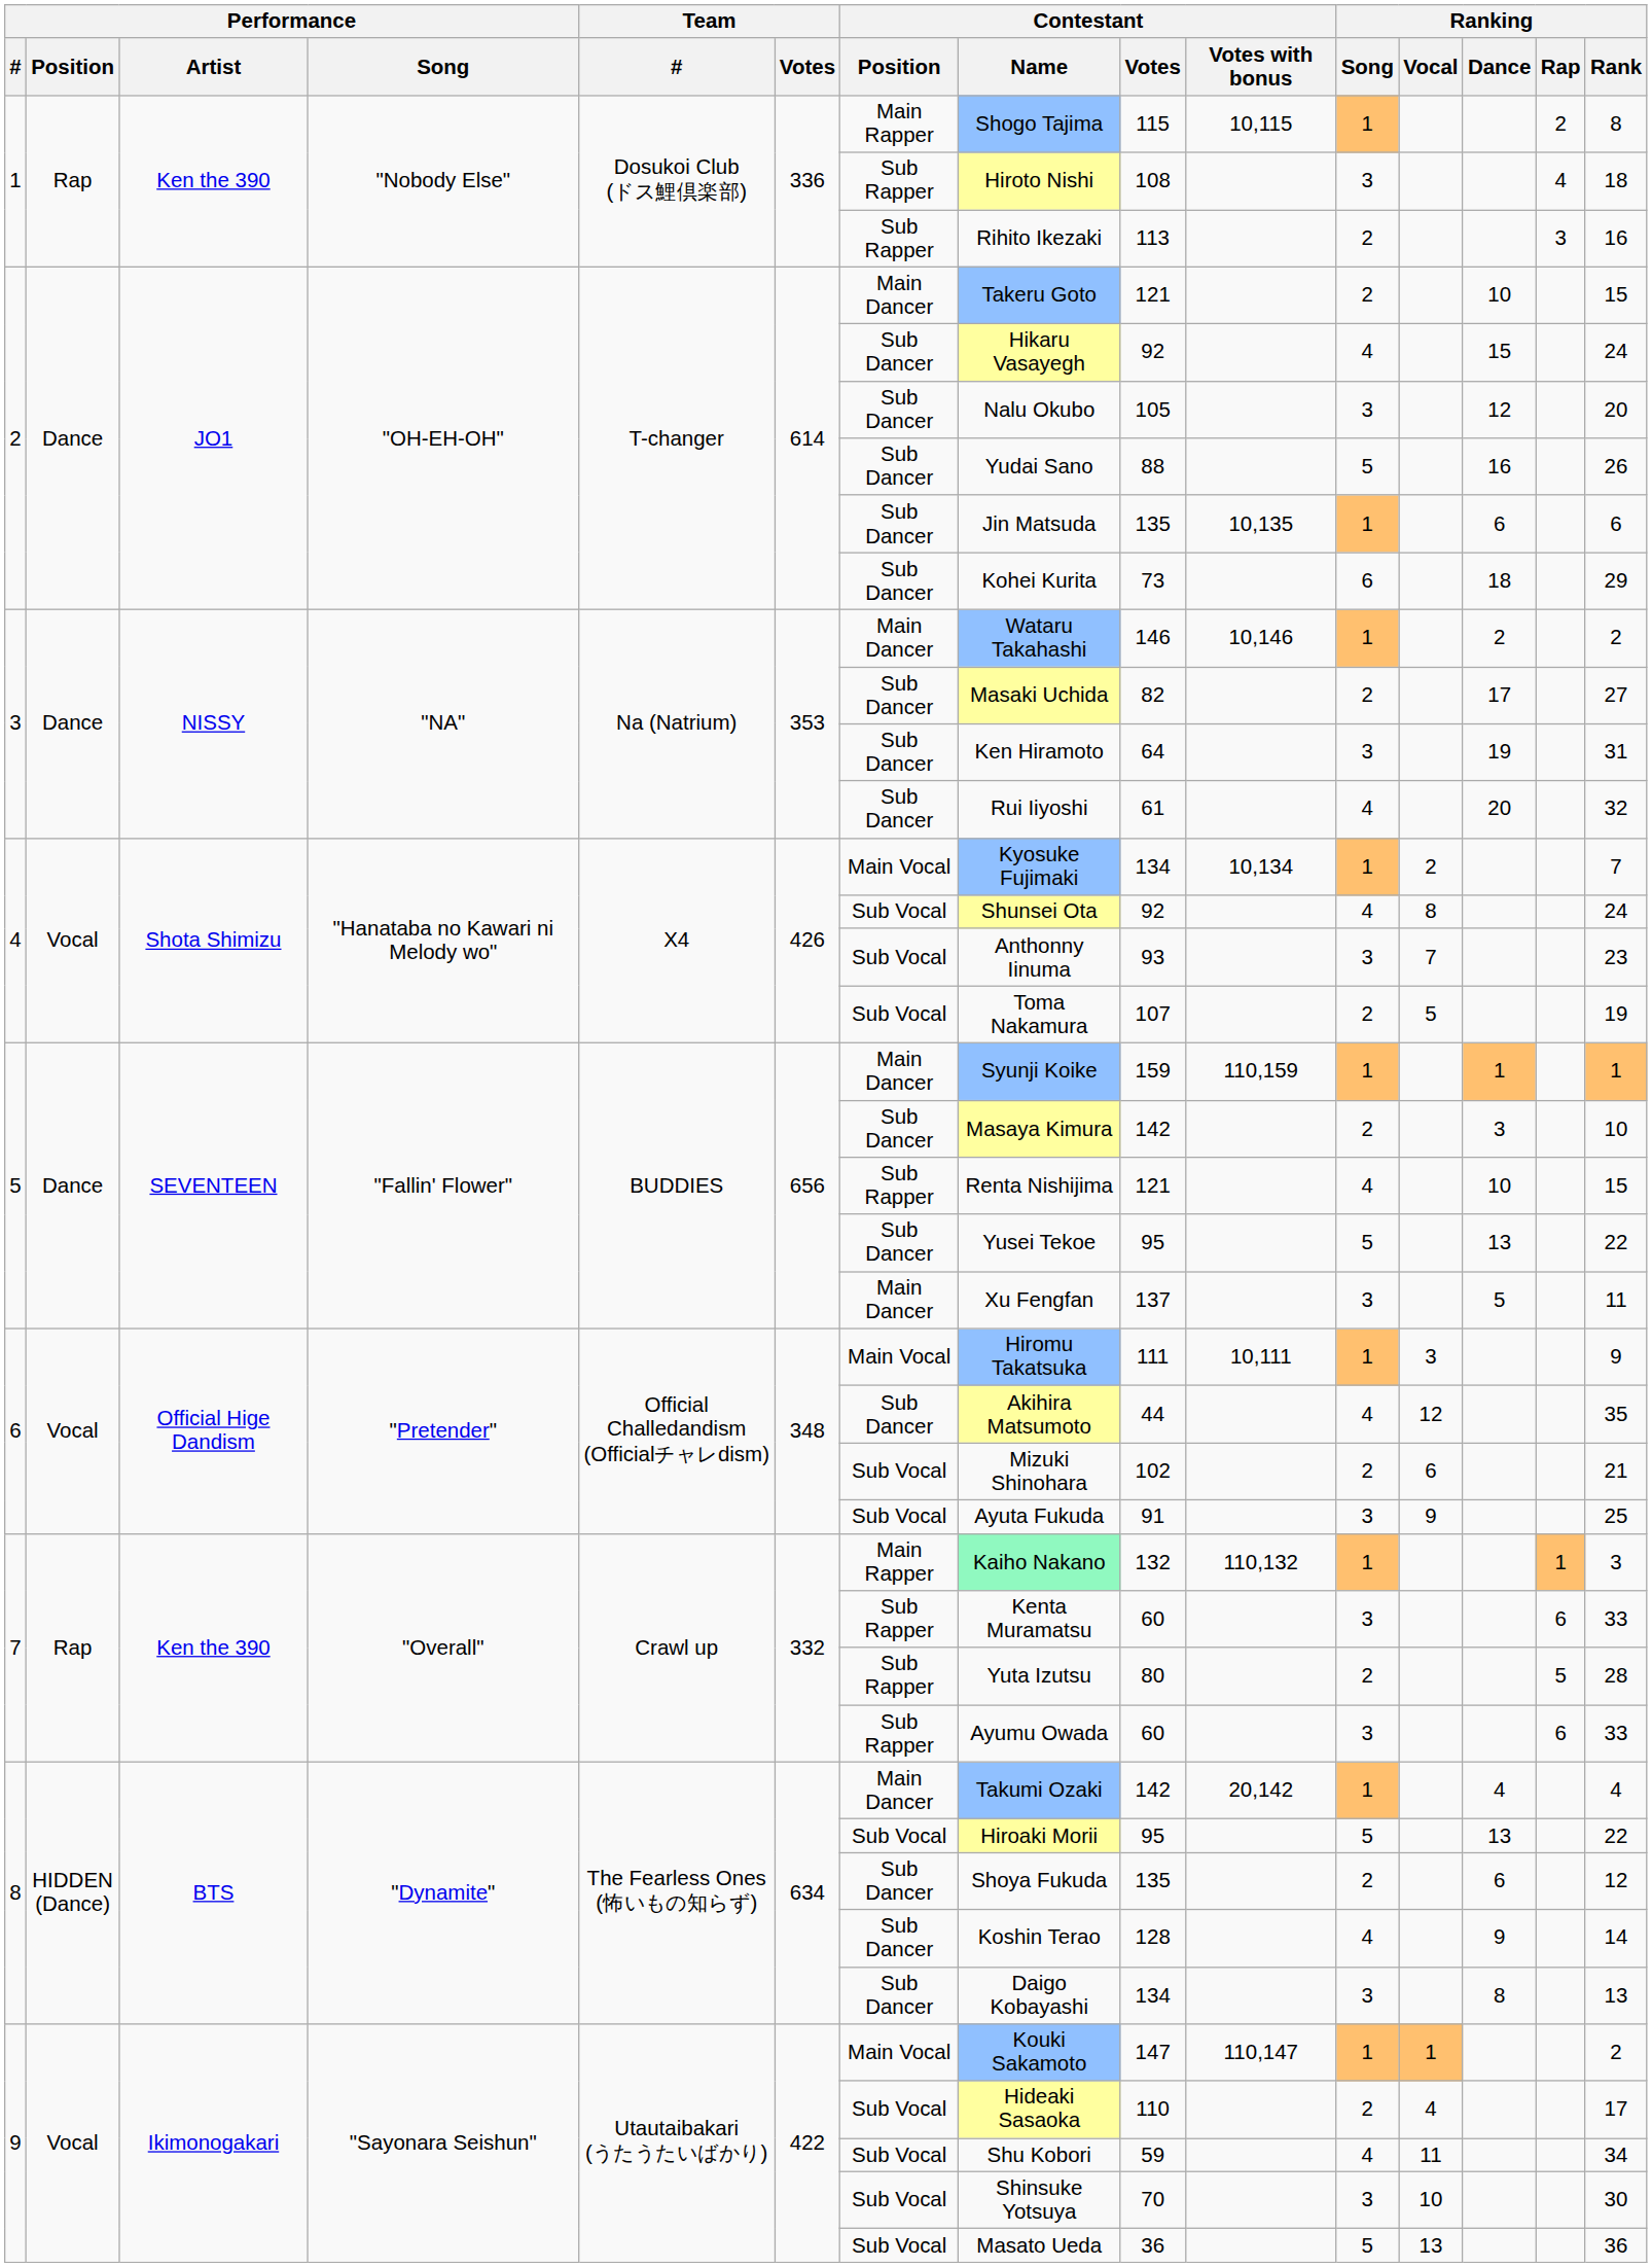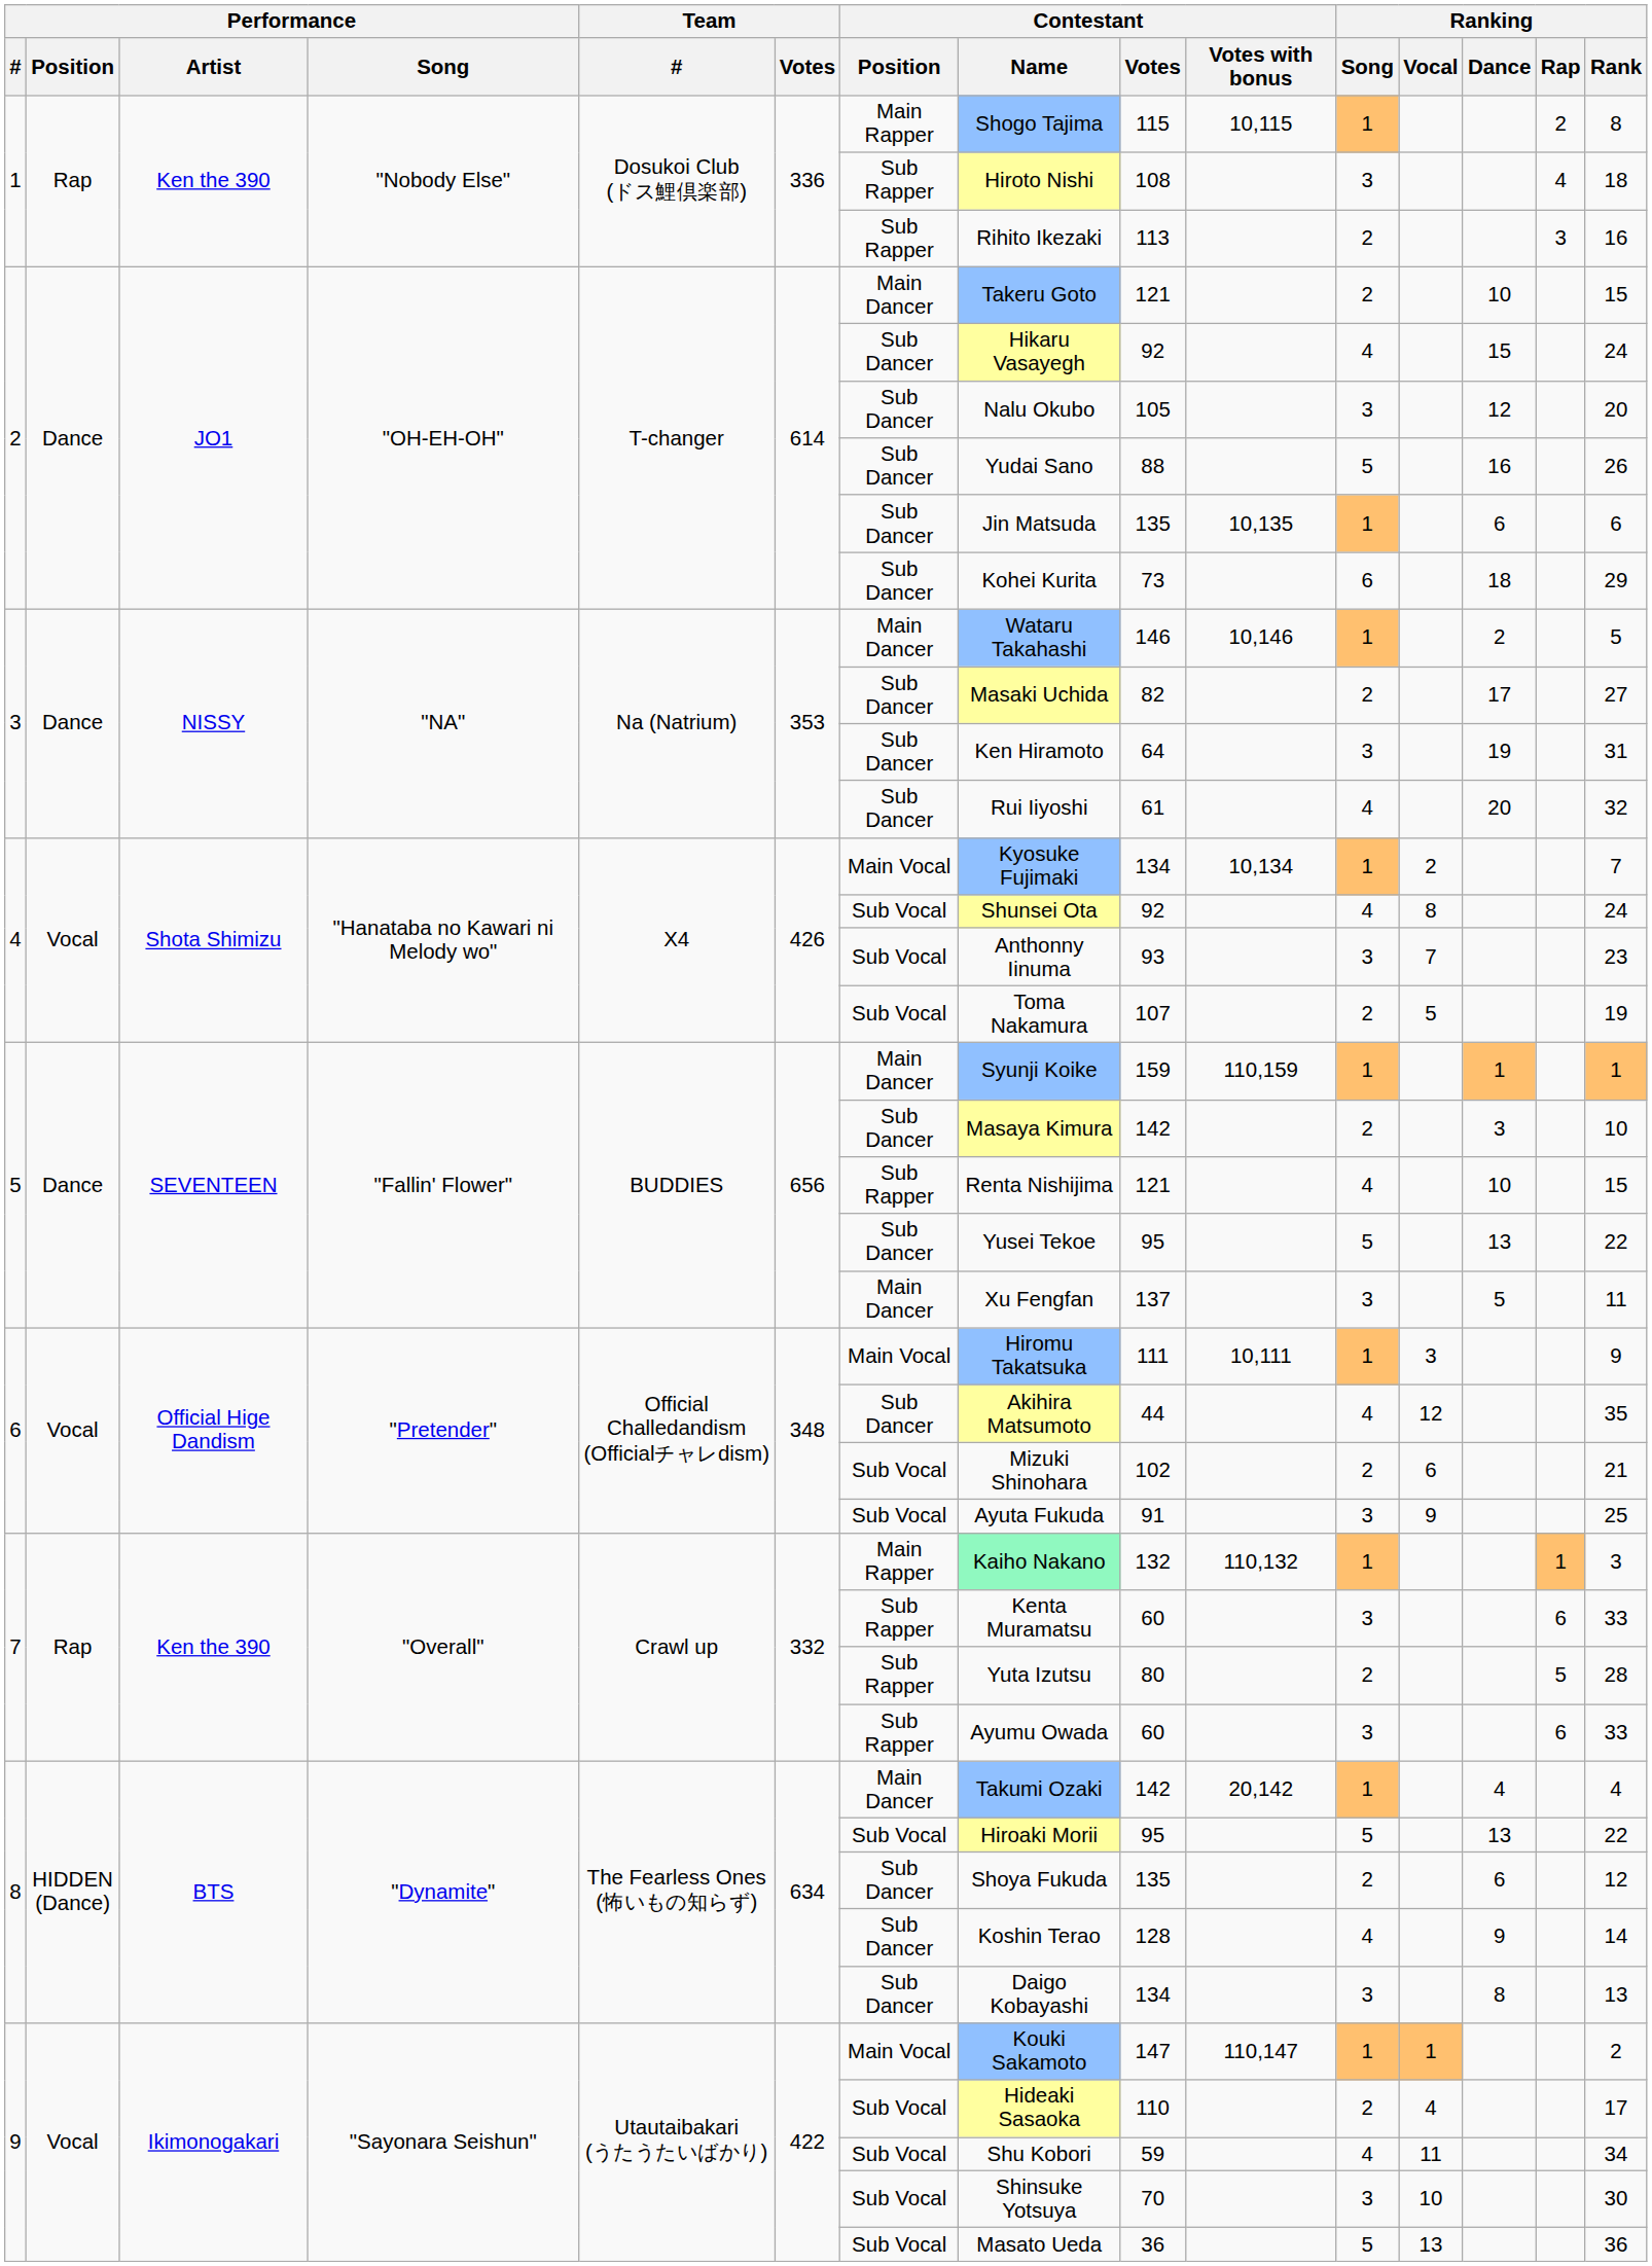 <table class="wikitable sortable" style="text-align:center">
 <tr>
 <th colspan="4">Performance</th>
 <th colspan="2">Team</th>
 <th colspan="4">Contestant</th>
 <th colspan="5">Ranking</th>
 </tr>
 <tr>
 <th>#</th>
 <th>Position</th>
 <th>Artist</th>
 <th>Song</th>
 <th>#</th>
 <th>Votes</th>
 <th>Position</th>
 <th>Name</th>
 <th>Votes</th>
 <th>Votes with bonus</th>
 <th>Song</th>
 <th>Vocal</th>
 <th>Dance</th>
 <th>Rap</th>
 <th>Rank</th>
 </tr>
 <tr>
 <td rowspan="3">1</td>
 <td rowspan="3">Rap</td>
 <td rowspan="3"><a href='#'>Ken the 390</a></td>
 <td rowspan="3">"Nobody Else"</td>
 <td rowspan="3">Dosukoi Club<br>(ドス鯉倶楽部)</td>
 <td rowspan="3">336</td>
 <td>Main Rapper</td>
 <td style="background:#90C0FF">Shogo Tajima</td>
 <td>115</td>
 <td>10,115</td>
 <td style="background:#FFC06F">1</td>
 <td></td>
 <td></td>
 <td>2</td>
 <td>8</td>
 </tr>
 <tr>
 <td>Sub Rapper</td>
 <td style="background:#FFFF9F">Hiroto Nishi</td>
 <td>108</td>
 <td></td>
 <td>3</td>
 <td></td>
 <td></td>
 <td>4</td>
 <td>18</td>
 </tr>
 <tr>
 <td>Sub Rapper</td>
 <td>Rihito Ikezaki</td>
 <td>113</td>
 <td></td>
 <td>2</td>
 <td></td>
 <td></td>
 <td>3</td>
 <td>16</td>
 </tr>
 <tr>
 <td rowspan="6">2</td>
 <td rowspan="6">Dance</td>
 <td rowspan="6"><a href='#'>JO1</a></td>
 <td rowspan="6">"OH-EH-OH"</td>
 <td rowspan="6">T-changer</td>
 <td rowspan="6">614</td>
 <td>Main Dancer</td>
 <td style="background:#90C0FF">Takeru Goto</td>
 <td>121</td>
 <td></td>
 <td>2</td>
 <td></td>
 <td>10</td>
 <td></td>
 <td>15</td>
 </tr>
 <tr>
 <td>Sub Dancer</td>
 <td style="background:#FFFF9F">Hikaru Vasayegh</td>
 <td>92</td>
 <td></td>
 <td>4</td>
 <td></td>
 <td>15</td>
 <td></td>
 <td>24</td>
 </tr>
 <tr>
 <td>Sub Dancer</td>
 <td>Nalu Okubo</td>
 <td>105</td>
 <td></td>
 <td>3</td>
 <td></td>
 <td>12</td>
 <td></td>
 <td>20</td>
 </tr>
 <tr>
 <td>Sub Dancer</td>
 <td>Yudai Sano</td>
 <td>88</td>
 <td></td>
 <td>5</td>
 <td></td>
 <td>16</td>
 <td></td>
 <td>26</td>
 </tr>
 <tr>
 <td>Sub Dancer</td>
 <td>Jin Matsuda</td>
 <td>135</td>
 <td>10,135</td>
 <td style="background:#FFC06F">1</td>
 <td></td>
 <td>6</td>
 <td></td>
 <td>6</td>
 </tr>
 <tr>
 <td>Sub Dancer</td>
 <td>Kohei Kurita</td>
 <td>73</td>
 <td></td>
 <td>6</td>
 <td></td>
 <td>18</td>
 <td></td>
 <td>29</td>
 </tr>
 <tr>
 <td rowspan="4">3</td>
 <td rowspan="4">Dance</td>
 <td rowspan="4"><a href='#'>NISSY</a></td>
 <td rowspan="4">"NA"</td>
 <td rowspan="4">Na (Natrium)</td>
 <td rowspan="4">353</td>
 <td>Main Dancer</td>
 <td style="background:#90C0FF">Wataru Takahashi</td>
 <td>146</td>
 <td>10,146</td>
 <td style="background:#FFC06F">1</td>
 <td></td>
 <td>2</td>
 <td></td>
-<td>2</td>
+<td>5</td>
 </tr>
 <tr>
 <td>Sub Dancer</td>
 <td style="background:#FFFF9F">Masaki Uchida</td>
 <td>82</td>
 <td></td>
 <td>2</td>
 <td></td>
 <td>17</td>
 <td></td>
 <td>27</td>
 </tr>
 <tr>
 <td>Sub Dancer</td>
 <td>Ken Hiramoto</td>
 <td>64</td>
 <td></td>
 <td>3</td>
 <td></td>
 <td>19</td>
 <td></td>
 <td>31</td>
 </tr>
 <tr>
 <td>Sub Dancer</td>
 <td>Rui Iiyoshi</td>
 <td>61</td>
 <td></td>
 <td>4</td>
 <td></td>
 <td>20</td>
 <td></td>
 <td>32</td>
 </tr>
 <tr>
 <td rowspan="4">4</td>
 <td rowspan="4">Vocal</td>
 <td rowspan="4"><a href='#'>Shota Shimizu</a></td>
 <td rowspan="4">"Hanataba no Kawari ni Melody wo"</td>
 <td rowspan="4">X4</td>
 <td rowspan="4">426</td>
 <td>Main Vocal</td>
 <td style="background:#90C0FF">Kyosuke Fujimaki</td>
 <td>134</td>
 <td>10,134</td>
 <td style="background:#FFC06F">1</td>
 <td>2</td>
 <td></td>
 <td></td>
 <td>7</td>
 </tr>
 <tr>
 <td>Sub Vocal</td>
 <td style="background:#FFFF9F">Shunsei Ota</td>
 <td>92</td>
 <td></td>
 <td>4</td>
 <td>8</td>
 <td></td>
 <td></td>
 <td>24</td>
 </tr>
 <tr>
 <td>Sub Vocal</td>
 <td>Anthonny Iinuma</td>
 <td>93</td>
 <td></td>
 <td>3</td>
 <td>7</td>
 <td></td>
 <td></td>
 <td>23</td>
 </tr>
 <tr>
 <td>Sub Vocal</td>
 <td>Toma Nakamura</td>
 <td>107</td>
 <td></td>
 <td>2</td>
 <td>5</td>
 <td></td>
 <td></td>
 <td>19</td>
 </tr>
 <tr>
 <td rowspan="5">5</td>
 <td rowspan="5">Dance</td>
 <td rowspan="5"><a href='#'>SEVENTEEN</a></td>
 <td rowspan="5">"Fallin' Flower"</td>
 <td rowspan="5">BUDDIES</td>
 <td rowspan="5">656</td>
 <td>Main Dancer</td>
 <td style="background:#90C0FF">Syunji Koike</td>
 <td>159</td>
 <td>110,159</td>
 <td style="background:#FFC06F">1</td>
 <td></td>
 <td style="background:#FFC06F">1</td>
 <td></td>
 <td style="background:#FFC06F">1</td>
 </tr>
 <tr>
 <td>Sub Dancer</td>
 <td style="background:#FFFF9F">Masaya Kimura</td>
 <td>142</td>
 <td></td>
 <td>2</td>
 <td></td>
 <td>3</td>
 <td></td>
 <td>10</td>
 </tr>
 <tr>
 <td>Sub Rapper</td>
 <td>Renta Nishijima</td>
 <td>121</td>
 <td></td>
 <td>4</td>
 <td></td>
 <td>10</td>
 <td></td>
 <td>15</td>
 </tr>
 <tr>
 <td>Sub Dancer</td>
 <td>Yusei Tekoe</td>
 <td>95</td>
 <td></td>
 <td>5</td>
 <td></td>
 <td>13</td>
 <td></td>
 <td>22</td>
 </tr>
 <tr>
 <td>Main Dancer</td>
 <td>Xu Fengfan</td>
 <td>137</td>
 <td></td>
 <td>3</td>
 <td></td>
 <td>5</td>
 <td></td>
 <td>11</td>
 </tr>
 <tr>
 <td rowspan="4">6</td>
 <td rowspan="4">Vocal</td>
 <td rowspan="4"><a href='#'>Official Hige Dandism</a></td>
 <td rowspan="4">"<a href='#'>Pretender</a>"</td>
 <td rowspan="4">Official Challedandism<br>(Officialチャレdism)</td>
 <td rowspan="4">348</td>
 <td>Main Vocal</td>
 <td style="background:#90C0FF">Hiromu Takatsuka</td>
 <td>111</td>
 <td>10,111</td>
 <td style="background:#FFC06F">1</td>
 <td>3</td>
 <td></td>
 <td></td>
 <td>9</td>
 </tr>
 <tr>
 <td>Sub Dancer</td>
 <td style="background:#FFFF9F">Akihira Matsumoto</td>
 <td>44</td>
 <td></td>
 <td>4</td>
 <td>12</td>
 <td></td>
 <td></td>
 <td>35</td>
 </tr>
 <tr>
 <td>Sub Vocal</td>
 <td>Mizuki Shinohara</td>
 <td>102</td>
 <td></td>
 <td>2</td>
 <td>6</td>
 <td></td>
 <td></td>
 <td>21</td>
 </tr>
 <tr>
 <td>Sub Vocal</td>
 <td>Ayuta Fukuda</td>
 <td>91</td>
 <td></td>
 <td>3</td>
 <td>9</td>
 <td></td>
 <td></td>
 <td>25</td>
 </tr>
 <tr>
 <td rowspan="4">7</td>
 <td rowspan="4">Rap</td>
 <td rowspan="4"><a href='#'>Ken the 390</a></td>
 <td rowspan="4">"Overall"</td>
 <td rowspan="4">Crawl up</td>
 <td rowspan="4">332</td>
 <td>Main Rapper</td>
 <td style="background:#90F9C0">Kaiho Nakano</td>
 <td>132</td>
 <td>110,132</td>
 <td style="background:#FFC06F">1</td>
 <td></td>
 <td></td>
 <td style="background:#FFC06F">1</td>
 <td>3</td>
 </tr>
 <tr>
 <td>Sub Rapper</td>
 <td>Kenta Muramatsu</td>
 <td>60</td>
 <td></td>
 <td>3</td>
 <td></td>
 <td></td>
 <td>6</td>
 <td>33</td>
 </tr>
 <tr>
 <td>Sub Rapper</td>
 <td>Yuta Izutsu</td>
 <td>80</td>
 <td></td>
 <td>2</td>
 <td></td>
 <td></td>
 <td>5</td>
 <td>28</td>
 </tr>
 <tr>
 <td>Sub Rapper</td>
 <td>Ayumu Owada</td>
 <td>60</td>
 <td></td>
 <td>3</td>
 <td></td>
 <td></td>
 <td>6</td>
 <td>33</td>
 </tr>
 <tr>
 <td rowspan="5">8</td>
 <td rowspan="5">HIDDEN<br>(Dance)</td>
 <td rowspan="5"><a href='#'>BTS</a></td>
 <td rowspan="5">"<a href='#'>Dynamite</a>"</td>
 <td rowspan="5">The Fearless Ones<br>(怖いもの知らず)</td>
 <td rowspan="5">634</td>
 <td>Main Dancer</td>
 <td style="background:#90C0FF">Takumi Ozaki</td>
 <td>142</td>
 <td>20,142</td>
 <td style="background:#FFC06F">1</td>
 <td></td>
 <td>4</td>
 <td></td>
 <td>4</td>
 </tr>
 <tr>
 <td>Sub Vocal</td>
 <td style="background:#FFFF9F">Hiroaki Morii</td>
 <td>95</td>
 <td></td>
 <td>5</td>
 <td></td>
 <td>13</td>
 <td></td>
 <td>22</td>
 </tr>
 <tr>
 <td>Sub Dancer</td>
 <td>Shoya Fukuda</td>
 <td>135</td>
 <td></td>
 <td>2</td>
 <td></td>
 <td>6</td>
 <td></td>
 <td>12</td>
 </tr>
 <tr>
 <td>Sub Dancer</td>
 <td>Koshin Terao</td>
 <td>128</td>
 <td></td>
 <td>4</td>
 <td></td>
 <td>9</td>
 <td></td>
 <td>14</td>
 </tr>
 <tr>
 <td>Sub Dancer</td>
 <td>Daigo Kobayashi</td>
 <td>134</td>
 <td></td>
 <td>3</td>
 <td></td>
 <td>8</td>
 <td></td>
 <td>13</td>
 </tr>
 <tr>
 <td rowspan="5">9</td>
 <td rowspan="5">Vocal</td>
 <td rowspan="5"><a href='#'>Ikimonogakari</a></td>
 <td rowspan="5">"Sayonara Seishun"</td>
 <td rowspan="5">Utautaibakari<br>(うたうたいばかり)</td>
 <td rowspan="5">422</td>
 <td>Main Vocal</td>
 <td style="background:#90C0FF">Kouki Sakamoto</td>
 <td>147</td>
 <td>110,147</td>
 <td style="background:#FFC06F">1</td>
 <td style="background:#FFC06F">1</td>
 <td></td>
 <td></td>
 <td>2</td>
 </tr>
 <tr>
 <td>Sub Vocal</td>
 <td style="background:#FFFF9F">Hideaki Sasaoka</td>
 <td>110</td>
 <td></td>
 <td>2</td>
 <td>4</td>
 <td></td>
 <td></td>
 <td>17</td>
 </tr>
 <tr>
 <td>Sub Vocal</td>
 <td>Shu Kobori</td>
 <td>59</td>
 <td></td>
 <td>4</td>
 <td>11</td>
 <td></td>
 <td></td>
 <td>34</td>
 </tr>
 <tr>
 <td>Sub Vocal</td>
 <td>Shinsuke Yotsuya</td>
 <td>70</td>
 <td></td>
 <td>3</td>
 <td>10</td>
 <td></td>
 <td></td>
 <td>30</td>
 </tr>
 <tr>
 <td>Sub Vocal</td>
 <td>Masato Ueda</td>
 <td>36</td>
 <td></td>
 <td>5</td>
 <td>13</td>
 <td></td>
 <td></td>
 <td>36</td>
 </tr>
 </table>
